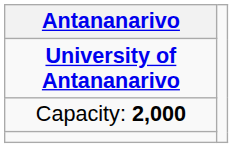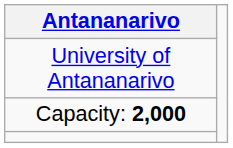 <table class="wikitable" style="text-align:center" align=center>
 <tr>
 <th><a href='#'>Antananarivo</a></th>
 <td rowspan=4></td>
 </tr>
 <tr>
-<td width=150px><strong><a href='#'>University of Antananarivo</a></strong></td>
+<td width=150px><a href='#'>University of Antananarivo</a></td>
 </tr>
 <tr>
 <td>Capacity: <strong>2,000</strong></td>
 </tr>
 <tr>
 <td></td>
 </tr>
 </table>
